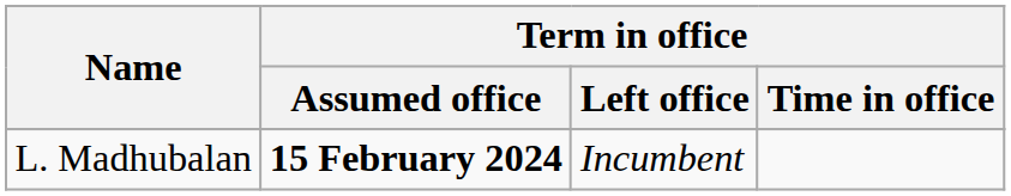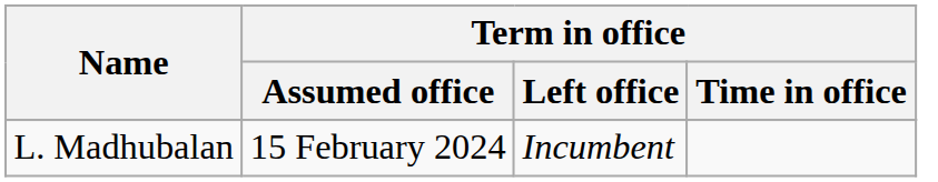 <table class="wikitable">
 <tr>
 <th rowspan=2>Name</th>
 <th colspan=3>Term in office</th>
 </tr>
 <tr>
 <th>Assumed office</th>
 <th>Left office</th>
 <th>Time in office</th>
 </tr>
 <tr>
 </tr>
 <tr>
 <td>L. Madhubalan</td>
-<td><strong>15 February 2024</strong></td>
+<td>15 February 2024</td>
 <td><em>Incumbent</em></td>
 <td></td>
 </tr>
 </table>
